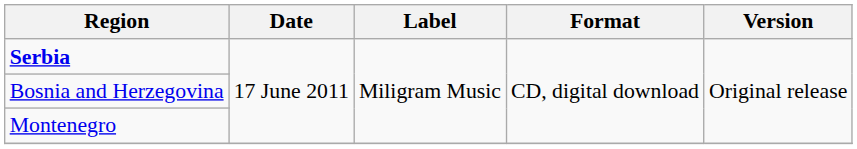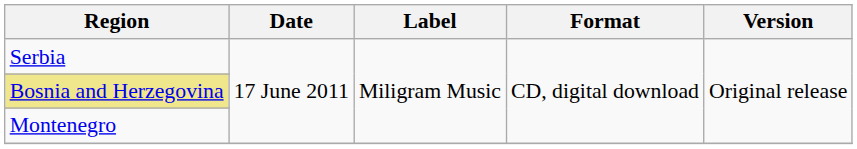 <table class="sortable wikitable">
 <tr>
 <th>Region</th>
 <th>Date</th>
 <th>Label</th>
 <th>Format</th>
 <th>Version</th>
 </tr>
 <tr>
-<td><strong><a href='#'>Serbia</a></strong></td>
+<td><a href='#'>Serbia</a></td>
 <td rowspan="3">17 June 2011</td>
 <td rowspan="3">Miligram Music</td>
 <td rowspan="3">CD, digital download</td>
 <td rowspan="3">Original release</td>
 </tr>
 <tr>
-<td><a href='#'>Bosnia and Herzegovina</a></td>
+<td style="background: khaki;"><a href='#'>Bosnia and Herzegovina</a></td>
 </tr>
 <tr>
 <td><a href='#'>Montenegro</a></td>
 </tr>
 <tr>
 </tr>
 </table>
